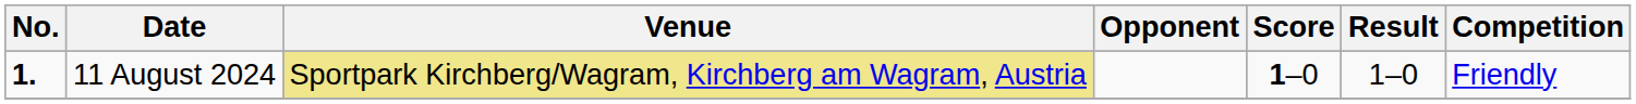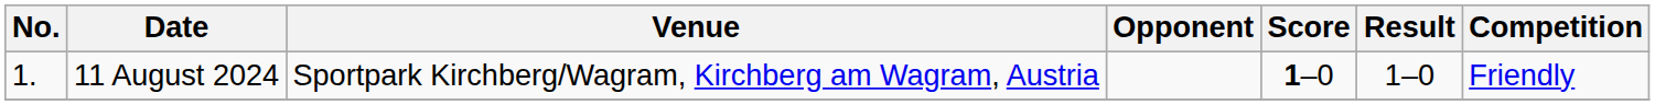 <table class="wikitable">
 <tr>
 <th>No.</th>
 <th>Date</th>
 <th>Venue</th>
 <th>Opponent</th>
 <th>Score</th>
 <th>Result</th>
 <th>Competition</th>
 </tr>
 <tr>
-<td><strong>1.</strong></td>
+<td>1.</td>
 <td>11 August 2024</td>
-<td style="background: khaki;">Sportpark Kirchberg/Wagram, <a href='#'>Kirchberg am Wagram</a>, <a href='#'>Austria</a></td>
+<td>Sportpark Kirchberg/Wagram, <a href='#'>Kirchberg am Wagram</a>, <a href='#'>Austria</a></td>
 <td></td>
 <td align=center><strong>1</strong>–0</td>
 <td align=center>1–0</td>
 <td><a href='#'>Friendly</a></td>
 </tr>
 <tr>
 </tr>
 </table>
